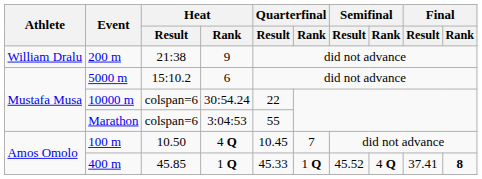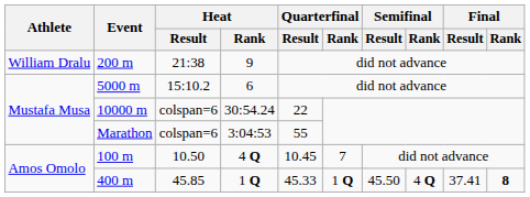 <table class="wikitable" style="font-size:90%">
 <tr>
 <th rowspan="2">Athlete</th>
 <th rowspan="2">Event</th>
 <th colspan="2">Heat</th>
 <th colspan="2">Quarterfinal</th>
 <th colspan="2">Semifinal</th>
 <th colspan="2">Final</th>
 </tr>
 <tr style="font-size:95%">
 <th>Result</th>
 <th>Rank</th>
 <th>Result</th>
 <th>Rank</th>
 <th>Result</th>
 <th>Rank</th>
 <th>Result</th>
 <th>Rank</th>
 </tr>
 <tr align=center>
 <td align=left><a href='#'>William Dralu</a></td>
 <td align=left><a href='#'>200 m</a></td>
 <td>21:38</td>
 <td>9</td>
 <td colspan=6>did not advance</td>
 </tr>
 <tr align=center>
 <td align=left rowspan=3><a href='#'>Mustafa Musa</a></td>
 <td align=left><a href='#'>5000 m</a></td>
 <td>15:10.2</td>
 <td>6</td>
 <td colspan=6>did not advance</td>
 </tr>
 <tr align=center>
 <td align=left><a href='#'>10000 m</a></td>
 <td>colspan=6 </td>
 <td>30:54.24</td>
 <td>22</td>
 </tr>
 <tr align=center>
 <td align=left><a href='#'>Marathon</a></td>
 <td>colspan=6 </td>
 <td>3:04:53</td>
 <td>55</td>
 </tr>
 <tr align=center>
 <td align=left rowspan=2><a href='#'>Amos Omolo</a></td>
 <td align=left><a href='#'>100 m</a></td>
 <td>10.50</td>
 <td>4 <strong>Q</strong></td>
 <td>10.45</td>
 <td>7</td>
 <td colspan=4>did not advance</td>
 </tr>
 <tr align=center>
 <td align=left><a href='#'>400 m</a></td>
 <td>45.85</td>
 <td>1 <strong>Q</strong></td>
 <td>45.33</td>
 <td>1 <strong>Q</strong></td>
-<td>45.52</td>
+<td>45.50</td>
 <td>4 <strong>Q</strong></td>
 <td>37.41</td>
 <td><strong>8</strong></td>
 </tr>
 </table>
